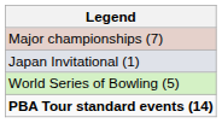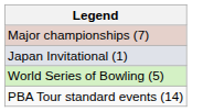 <table class="wikitable" style="font-size:95%;">
 <tr>
 <th>Legend</th>
 </tr>
 <tr style="background:#e5d1cb;">
 <td>Major championships  (7)</td>
 </tr>
 <tr style="background:#dfe2e9;">
 <td>Japan Invitational (1)</td>
 </tr>
 <tr style="background:#d4f1c5;">
 <td>World Series of Bowling (5)</td>
 </tr>
 <tr>
-<td><strong>PBA Tour standard events (14)</strong></td>
+<td>PBA Tour standard events (14)</td>
 </tr>
 </table>
